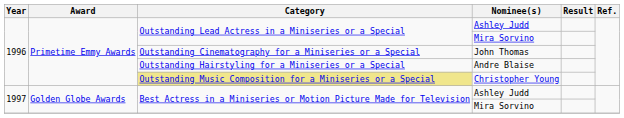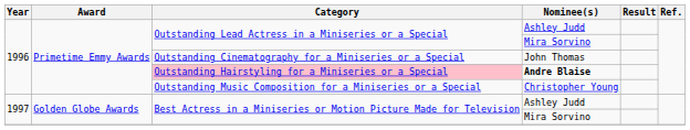 <table class="wikitable plainrowheaders">
 <tr>
 <th>Year</th>
 <th>Award</th>
 <th>Category</th>
 <th>Nominee(s)</th>
 <th>Result</th>
 <th>Ref.</th>
 </tr>
 <tr>
 <td rowspan="5">1996</td>
 <td scope="row" rowspan="5"><a href='#'>Primetime Emmy Awards</a></td>
 <td rowspan="2"><a href='#'>Outstanding Lead Actress in a Miniseries or a Special</a></td>
 <td><a href='#'>Ashley Judd</a></td>
 <td></td>
 <td rowspan="5" align="center"></td>
 </tr>
 <tr>
 <td><a href='#'>Mira Sorvino</a></td>
 <td></td>
 </tr>
 <tr>
 <td><a href='#'>Outstanding Cinematography for a Miniseries or a Special</a></td>
 <td>John Thomas</td>
 <td></td>
 </tr>
 <tr>
-<td><a href='#'>Outstanding Hairstyling for a Miniseries or a Special</a></td>
-<td>Andre Blaise</td>
+<td style="background: pink;"><a href='#'>Outstanding Hairstyling for a Miniseries or a Special</a></td>
+<td><strong>Andre Blaise</strong></td>
 <td></td>
 </tr>
 <tr>
-<td style="background: khaki;"><a href='#'>Outstanding Music Composition for a Miniseries or a Special</a></td>
+<td><a href='#'>Outstanding Music Composition for a Miniseries or a Special</a></td>
 <td><a href='#'>Christopher Young</a></td>
 <td></td>
 </tr>
 <tr>
 <td rowspan="2">1997</td>
 <td scope="row" rowspan="2"><a href='#'>Golden Globe Awards</a></td>
 <td rowspan="2"><a href='#'>Best Actress in a Miniseries or Motion Picture Made for Television</a></td>
 <td>Ashley Judd</td>
 <td></td>
 <td rowspan="2" align="center"></td>
 </tr>
 <tr>
 <td>Mira Sorvino</td>
 <td></td>
 </tr>
 <tr>
 </tr>
 </table>
